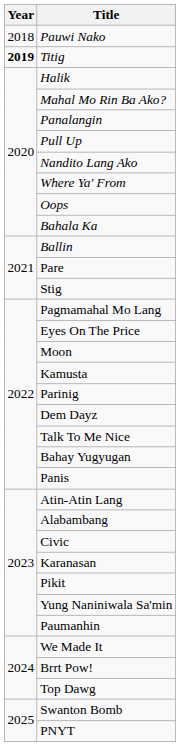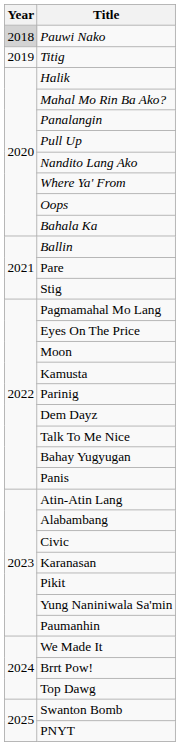 <table class="wikitable">
 <tr>
 <th>Year</th>
 <th>Title</th>
 </tr>
 <tr>
-<td>2018</td>
+<td style="background: lightgrey;">2018</td>
 <td><em>Pauwi Nako</em><br></td>
 </tr>
 <tr>
-<td><strong>2019</strong></td>
+<td>2019</td>
 <td><em>Titig</em><br></td>
 </tr>
 <tr>
 <td rowspan="8">2020</td>
 <td><em>Halik</em><br></td>
 </tr>
 <tr>
 <td><em>Mahal Mo Rin Ba Ako?</em><br></td>
 </tr>
 <tr>
 <td><em>Panalangin</em><br></td>
 </tr>
 <tr>
 <td><em>Pull Up</em><br></td>
 </tr>
 <tr>
 <td><em>Nandito Lang Ako</em><br></td>
 </tr>
 <tr>
 <td><em>Where Ya' From</em><br></td>
 </tr>
 <tr>
 <td><em>Oops</em><br></td>
 </tr>
 <tr>
 <td><em>Bahala Ka</em><br></td>
 </tr>
 <tr>
 <td rowspan="3">2021</td>
 <td><em>Ballin<strong><br></td>
 </tr>
 <tr>
 <td></em>Pare<em><br></td>
 </tr>
 <tr>
 <td></em>Stig<em><br></td>
 </tr>
 <tr>
 <td rowspan="9">2022</td>
 <td></em>Pagmamahal Mo Lang<em><br></td>
 </tr>
 <tr>
 <td></em>Eyes On The Price<em><br></td>
 </tr>
 <tr>
 <td></em>Moon<em><br></td>
 </tr>
 <tr>
 <td></em>Kamusta<em><br></td>
 </tr>
 <tr>
 <td></em>Parinig<em><br></td>
 </tr>
 <tr>
 <td></em>Dem Dayz<em><br></td>
 </tr>
 <tr>
 <td></em>Talk To Me Nice<em><br></td>
 </tr>
 <tr>
 <td></em>Bahay Yugyugan<em><br></td>
 </tr>
 <tr>
 <td></em>Panis<em><br></td>
 </tr>
 <tr>
 <td rowspan="7">2023</td>
 <td></em>Atin-Atin Lang<em><br></td>
 </tr>
 <tr>
 <td></em>Alabambang<em><br></td>
 </tr>
 <tr>
 <td></em>Civic<em><br></td>
 </tr>
 <tr>
 <td></em>Karanasan<em><br></td>
 </tr>
 <tr>
 <td></em>Pikit<em><br></td>
 </tr>
 <tr>
 <td></em>Yung Naniniwala Sa'min<em><br></td>
 </tr>
 <tr>
 <td></em>Paumanhin<em><br></td>
 </tr>
 <tr>
 <td rowspan="3">2024</td>
 <td></em>We Made It<em><br></td>
 </tr>
 <tr>
 <td></em>Brrt Pow!<em><br></td>
 </tr>
 <tr>
 <td></em>Top Dawg<em><br></td>
 </tr>
 <tr>
 <td rowspan="2">2025</td>
 <td></em>Swanton Bomb<em><br></td>
 </tr>
 <tr>
 <td></em>PNYT<em><br></td>
 </tr>
 </table>
